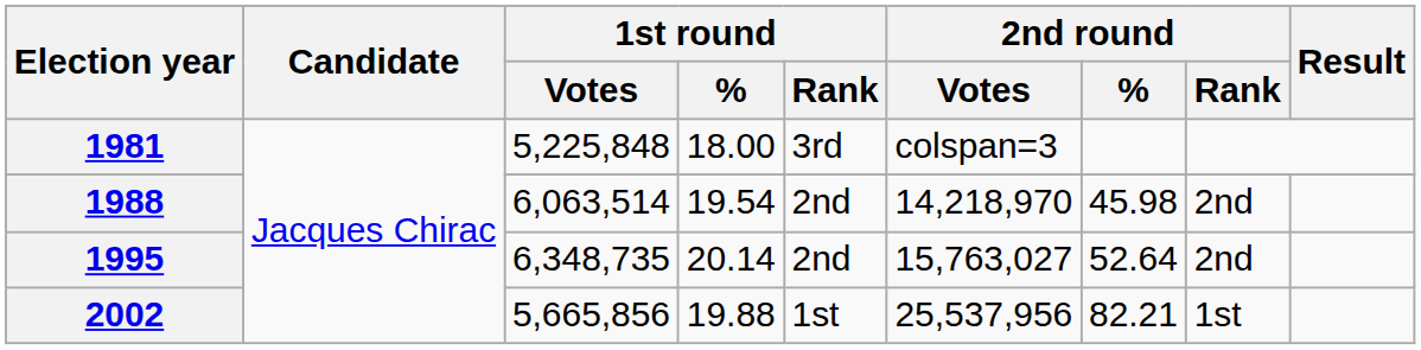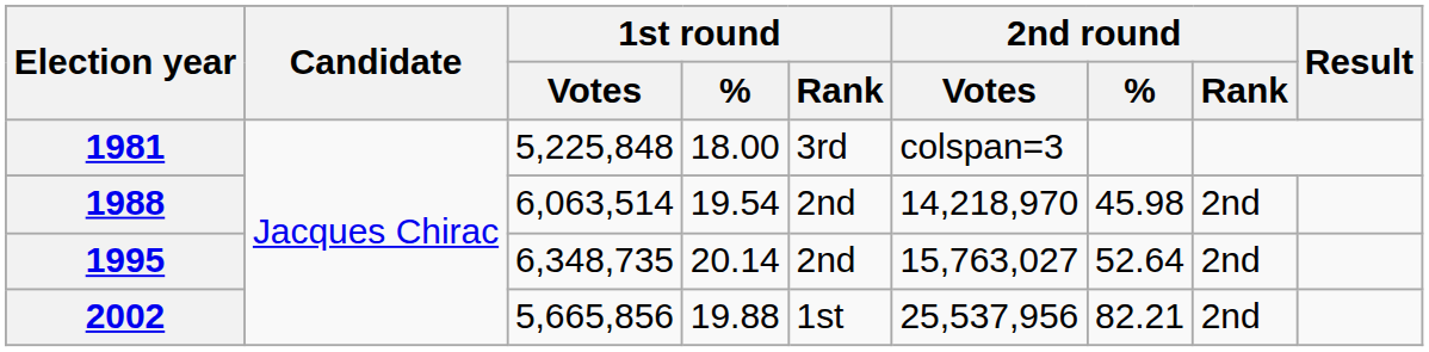 <table class="wikitable">
 <tr>
 <th rowspan="2">Election year</th>
 <th rowspan="2">Candidate</th>
 <th colspan="3">1st round</th>
 <th colspan="3">2nd round</th>
 <th rowspan="2">Result</th>
 </tr>
 <tr>
 <th>Votes</th>
 <th>%</th>
 <th>Rank</th>
 <th>Votes</th>
 <th>%</th>
 <th>Rank</th>
 </tr>
 <tr>
 <th><a href='#'>1981</a></th>
 <td rowspan="4"><a href='#'>Jacques Chirac</a></td>
 <td>5,225,848</td>
 <td>18.00</td>
 <td>3rd</td>
 <td>colspan=3 </td>
 <td></td>
 </tr>
 <tr>
 <th><a href='#'>1988</a></th>
 <td>6,063,514</td>
 <td>19.54</td>
 <td>2nd</td>
 <td>14,218,970</td>
 <td>45.98</td>
 <td>2nd</td>
 <td></td>
 </tr>
 <tr>
 <th><a href='#'>1995</a></th>
 <td>6,348,735</td>
 <td>20.14</td>
 <td>2nd</td>
 <td>15,763,027</td>
 <td>52.64</td>
 <td>2nd</td>
 <td></td>
 </tr>
 <tr>
 <th><a href='#'>2002</a></th>
 <td>5,665,856</td>
 <td>19.88</td>
 <td>1st</td>
 <td>25,537,956</td>
 <td>82.21</td>
-<td>1st</td>
+<td>2nd</td>
 <td></td>
 </tr>
 </table>
